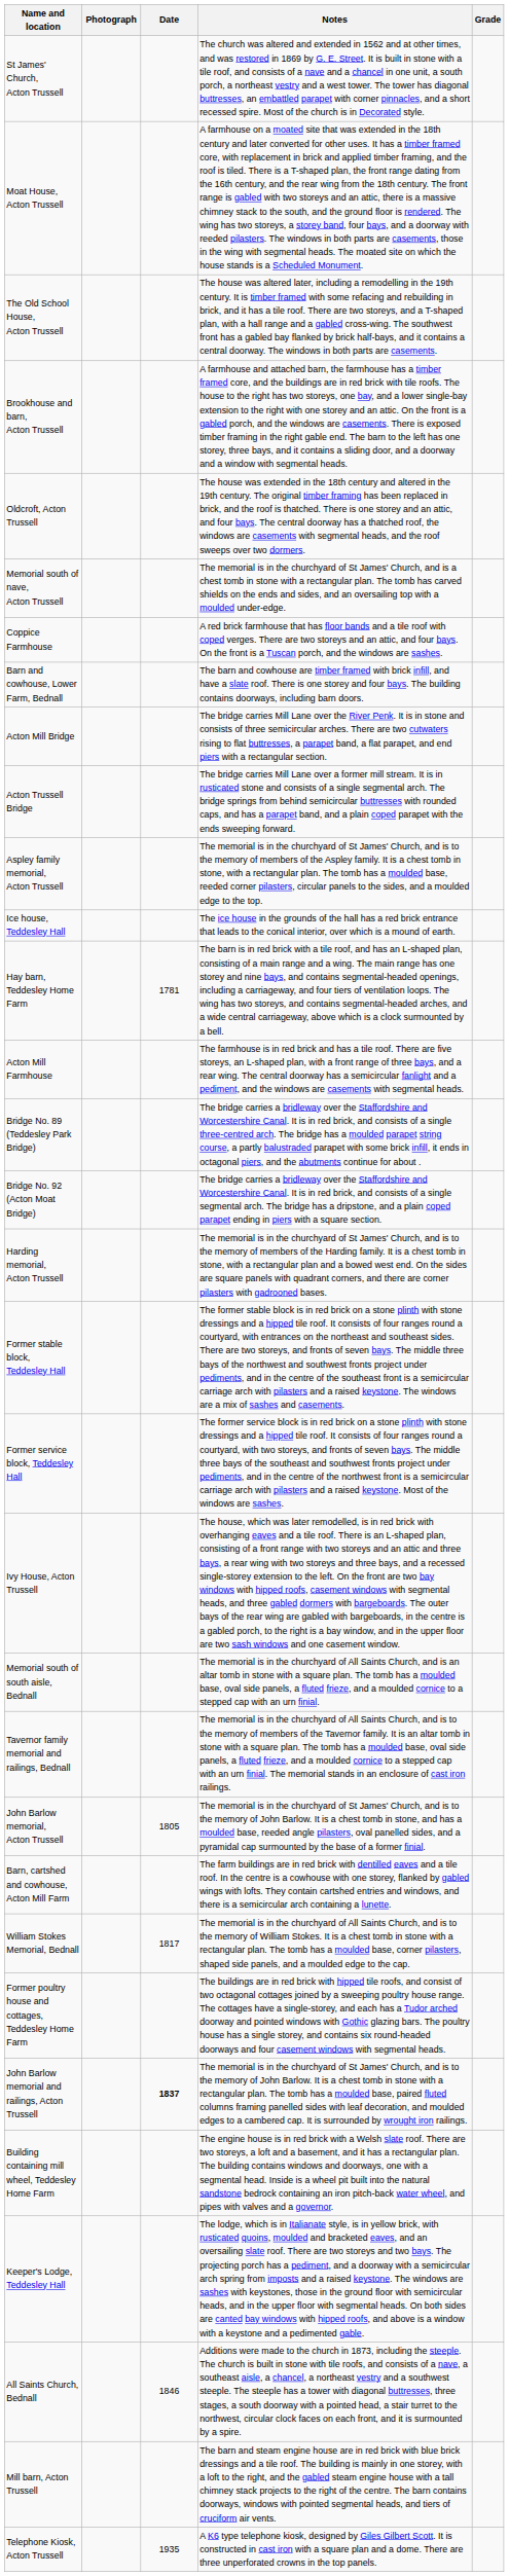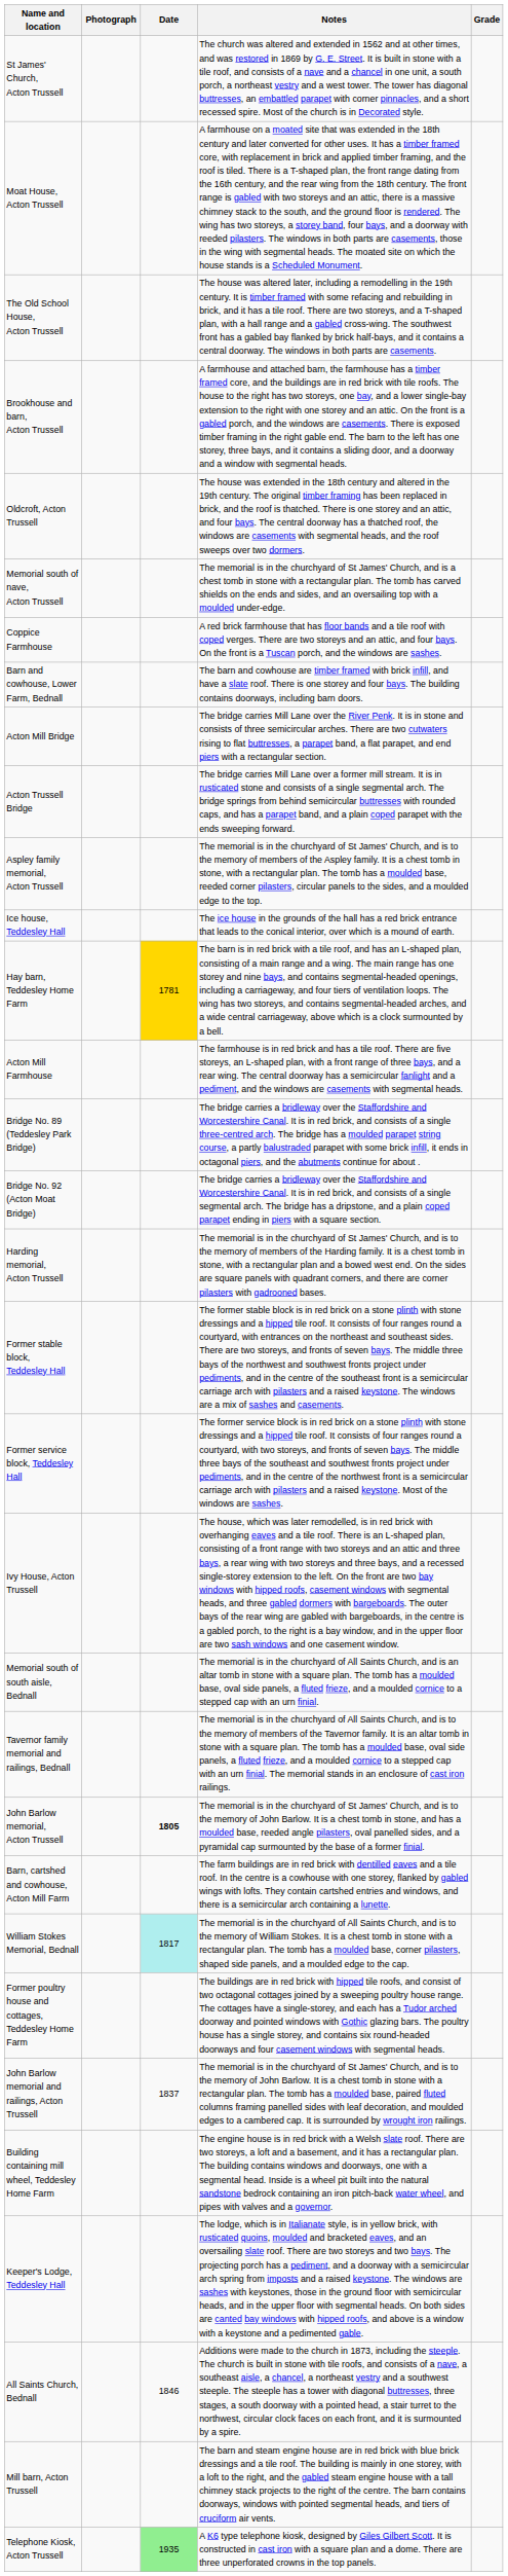 <table class="wikitable sortable plainrowheaders" style="width:100%; border:0; text-align:left; line-height:150%;">
 <tr>
 <th scope="col"  style="width:150px">Name and location</th>
 <th scope="col"  style="width:100px" class="unsortable">Photograph</th>
 <th scope="col"  style="width:120px">Date</th>
 <th scope="col"  style="width:650px" class="unsortable">Notes</th>
 <th scope="col"  style="width:50px">Grade</th>
 </tr>
 <tr>
 <td>St James' Church,<br>Acton Trussell<br><small></small></td>
 <td></td>
 <td align="center"></td>
 <td>The church was altered and extended in 1562 and at other times, and was <a href='#'>restored</a> in 1869 by <a href='#'>G. E. Street</a>. It is built in stone with a tile roof, and consists of a <a href='#'>nave</a> and a <a href='#'>chancel</a> in one unit, a south porch, a northeast <a href='#'>vestry</a> and a west tower. The tower has diagonal <a href='#'>buttresses</a>, an <a href='#'>embattled</a> <a href='#'>parapet</a> with corner <a href='#'>pinnacles</a>, and a short recessed spire. Most of the church is in <a href='#'>Decorated</a> style.</td>
 <td align="center" ></td>
 </tr>
 <tr>
 <td>Moat House, Acton Trussell<br><small></small></td>
 <td></td>
 <td align="center"></td>
 <td>A farmhouse on a <a href='#'>moated</a> site that was extended in the 18th century and later converted for other uses. It has a <a href='#'>timber framed</a> core, with replacement in brick and applied timber framing, and the roof is tiled. There is a T-shaped plan, the front range dating from the 16th century, and the rear wing from the 18th century. The front range is <a href='#'>gabled</a> with two storeys and an attic, there is a massive chimney stack to the south, and the ground floor is <a href='#'>rendered</a>. The wing has two storeys, a <a href='#'>storey band</a>, four <a href='#'>bays</a>, and a doorway with reeded <a href='#'>pilasters</a>. The windows in both parts are <a href='#'>casements</a>, those in the wing with segmental heads. The moated site on which the house stands is a <a href='#'>Scheduled Monument</a>.</td>
 <td align="center" ></td>
 </tr>
 <tr>
 <td>The Old School House,<br>Acton Trussell<br><small></small></td>
 <td></td>
 <td align="center"></td>
 <td>The house was altered later, including a remodelling in the 19th century. It is <a href='#'>timber framed</a> with some refacing and rebuilding in brick, and it has a tile roof. There are two storeys, and a T-shaped plan, with a hall range and a <a href='#'>gabled</a> cross-wing. The southwest front has a gabled bay flanked by brick half-bays, and it contains a central doorway. The windows in both parts are <a href='#'>casements</a>.</td>
 <td align="center" ></td>
 </tr>
 <tr>
 <td>Brookhouse and barn,<br>Acton Trussell<br><small></small></td>
 <td></td>
 <td align="center"></td>
 <td>A farmhouse and attached barn, the farmhouse has a <a href='#'>timber framed</a> core, and the buildings are in red brick with tile roofs. The house to the right has two storeys, one <a href='#'>bay</a>, and a lower single-bay extension to the right with one storey and an attic. On the front is a <a href='#'>gabled</a> porch, and the windows are <a href='#'>casements</a>. There is exposed timber framing in the right gable end. The barn to the left has one storey, three bays, and it contains a sliding door, and a doorway and a window with segmental heads.</td>
 <td align="center" ></td>
 </tr>
 <tr>
 <td>Oldcroft, Acton Trussell<br><small></small></td>
 <td></td>
 <td align="center"></td>
 <td>The house was extended in the 18th century and altered in the 19th century. The original <a href='#'>timber framing</a> has been replaced in brick, and the roof is thatched. There is one storey and an attic, and four <a href='#'>bays</a>. The central doorway has a thatched roof, the windows are <a href='#'>casements</a> with segmental heads, and the roof sweeps over two <a href='#'>dormers</a>.</td>
 <td align="center" ></td>
 </tr>
 <tr>
 <td>Memorial south of nave,<br>Acton Trussell<br><small></small></td>
 <td></td>
 <td align="center"></td>
 <td>The memorial is in the churchyard of St James' Church, and is a chest tomb in stone with a rectangular plan. The tomb has carved shields on the ends and sides, and an oversailing top with a <a href='#'>moulded</a> under-edge.</td>
 <td align="center" ></td>
 </tr>
 <tr>
 <td>Coppice Farmhouse<br><small></small></td>
 <td></td>
 <td align="center"></td>
 <td>A red brick farmhouse that has <a href='#'>floor bands</a> and a tile roof with <a href='#'>coped</a> verges.  There are two storeys and an attic, and four <a href='#'>bays</a>.  On the front is a <a href='#'>Tuscan</a> porch, and the windows are <a href='#'>sashes</a>.</td>
 <td align="center" ></td>
 </tr>
 <tr>
 <td>Barn and cowhouse, Lower Farm, Bednall<br><small></small></td>
 <td></td>
 <td align="center"></td>
 <td>The barn and cowhouse are <a href='#'>timber framed</a> with brick <a href='#'>infill</a>, and have a <a href='#'>slate</a> roof. There is one storey and four <a href='#'>bays</a>. The building contains doorways, including barn doors.</td>
 <td align="center" ></td>
 </tr>
 <tr>
 <td>Acton Mill Bridge<br><small></small></td>
 <td></td>
 <td align="center"></td>
 <td>The bridge carries Mill Lane over the <a href='#'>River Penk</a>. It is in stone and consists of three semicircular arches. There are two <a href='#'>cutwaters</a> rising to flat <a href='#'>buttresses</a>, a <a href='#'>parapet</a> band, a flat parapet, and end <a href='#'>piers</a> with a rectangular section.</td>
 <td align="center" ></td>
 </tr>
 <tr>
 <td>Acton Trussell Bridge<br><small></small></td>
 <td></td>
 <td align="center"></td>
 <td>The bridge carries Mill Lane over a former mill stream. It is in <a href='#'>rusticated</a> stone and consists of a single segmental arch. The bridge springs from behind semicircular <a href='#'>buttresses</a> with rounded caps, and has a <a href='#'>parapet</a> band, and a plain <a href='#'>coped</a> parapet with the ends sweeping forward.</td>
 <td align="center" ></td>
 </tr>
 <tr>
 <td>Aspley family memorial,<br>Acton Trussell<br><small></small></td>
 <td></td>
 <td align="center"></td>
 <td>The memorial is in the churchyard of St James' Church, and is to the memory of members of the Aspley family. It is a chest tomb in stone, with a rectangular plan. The tomb has a <a href='#'>moulded</a> base, reeded corner <a href='#'>pilasters</a>, circular panels to the sides, and a moulded edge to the top.</td>
 <td align="center" ></td>
 </tr>
 <tr>
 <td>Ice house, <a href='#'>Teddesley Hall</a><br><small></small></td>
 <td></td>
 <td align="center"></td>
 <td>The <a href='#'>ice house</a> in the grounds of the hall has a red brick entrance that leads to the conical interior, over which is a mound of earth.</td>
 <td align="center" ></td>
 </tr>
 <tr>
 <td>Hay barn, Teddesley Home Farm<br><small></small></td>
 <td></td>
-<td align="center">1781</td>
+<td align="center" style="background: gold;">1781</td>
 <td>The barn is in red brick with a tile roof, and has an L-shaped plan, consisting of a main range and a wing.  The main range has one storey and nine <a href='#'>bays</a>, and contains segmental-headed openings, including a carriageway, and four tiers of ventilation loops.  The wing has two storeys, and contains segmental-headed arches, and a wide central carriageway, above which is a clock surmounted by a bell.</td>
 <td align="center" ></td>
 </tr>
 <tr>
 <td>Acton Mill Farmhouse<br><small></small></td>
 <td></td>
 <td align="center"></td>
 <td>The farmhouse is in red brick and has a tile roof. There are five storeys, an L-shaped plan, with a front range of three <a href='#'>bays</a>, and a rear wing. The central doorway has a semicircular <a href='#'>fanlight</a> and a <a href='#'>pediment</a>, and the windows are <a href='#'>casements</a> with segmental heads.</td>
 <td align="center" ></td>
 </tr>
 <tr>
 <td>Bridge No. 89<br>(Teddesley Park Bridge)<br><small></small></td>
 <td></td>
 <td align="center"></td>
 <td>The bridge carries a <a href='#'>bridleway</a> over the <a href='#'>Staffordshire and Worcestershire Canal</a>. It is in red brick, and consists of a single <a href='#'>three-centred arch</a>. The bridge has a <a href='#'>moulded</a> <a href='#'>parapet</a> <a href='#'>string course</a>, a partly <a href='#'>balustraded</a> parapet with some brick <a href='#'>infill</a>, it ends in octagonal <a href='#'>piers</a>, and the <a href='#'>abutments</a> continue for about .</td>
 <td align="center" ></td>
 </tr>
 <tr>
 <td>Bridge No. 92<br>(Acton Moat Bridge)<br><small></small></td>
 <td></td>
 <td align="center"></td>
 <td>The bridge carries a <a href='#'>bridleway</a> over the <a href='#'>Staffordshire and Worcestershire Canal</a>. It is in red brick, and consists of a single segmental arch. The bridge has a dripstone, and a plain <a href='#'>coped</a> <a href='#'>parapet</a> ending in <a href='#'>piers</a> with a square section.</td>
 <td align="center" ></td>
 </tr>
 <tr>
 <td>Harding memorial,<br>Acton Trussell<br><small></small></td>
 <td></td>
 <td align="center"></td>
 <td>The memorial is in the churchyard of St James' Church, and is to the memory of members of the Harding family. It is a chest tomb in stone, with a rectangular plan and a bowed west end. On the sides are square panels with quadrant corners, and there are corner <a href='#'>pilasters</a> with <a href='#'>gadrooned</a> bases.</td>
 <td align="center" ></td>
 </tr>
 <tr>
 <td>Former stable block,<br><a href='#'>Teddesley Hall</a><br><small></small></td>
 <td></td>
 <td align="center"></td>
 <td>The former stable block is in red brick on a stone <a href='#'>plinth</a> with stone dressings and a <a href='#'>hipped</a> tile roof.  It consists of four ranges round a courtyard, with entrances on the northeast and southeast sides.  There are two storeys, and fronts of seven <a href='#'>bays</a>.  The middle three bays of the northwest and southwest fronts project under <a href='#'>pediments</a>, and in the centre of the southeast front is a semicircular carriage arch with <a href='#'>pilasters</a> and a raised <a href='#'>keystone</a>. The windows are a mix of <a href='#'>sashes</a> and <a href='#'>casements</a>.</td>
 <td align="center" ></td>
 </tr>
 <tr>
 <td>Former service block, <a href='#'>Teddesley Hall</a><br><small></small></td>
 <td></td>
 <td align="center"></td>
 <td>The former service block is in red brick on a stone <a href='#'>plinth</a> with stone dressings and a <a href='#'>hipped</a> tile roof.  It consists of four ranges round a courtyard, with two storeys, and fronts of seven <a href='#'>bays</a>.  The middle three bays of the southeast and southwest fronts project under <a href='#'>pediments</a>, and in the centre of the northwest front is a semicircular carriage arch with <a href='#'>pilasters</a> and a raised <a href='#'>keystone</a>.  Most of the windows are <a href='#'>sashes</a>.</td>
 <td align="center" ></td>
 </tr>
 <tr>
 <td>Ivy House, Acton Trussell<br><small></small></td>
 <td></td>
 <td align="center"></td>
 <td>The house, which was later remodelled, is in red brick with overhanging <a href='#'>eaves</a> and a tile roof. There is an L-shaped plan, consisting of a front range with two storeys and an attic and three <a href='#'>bays</a>, a rear wing with two storeys and three bays, and a recessed single-storey extension to the left. On the front are two <a href='#'>bay windows</a> with <a href='#'>hipped roofs</a>, <a href='#'>casement windows</a> with segmental heads, and three <a href='#'>gabled</a> <a href='#'>dormers</a> with <a href='#'>bargeboards</a>. The outer bays of the rear wing are gabled with bargeboards, in the centre is a gabled porch, to the right is a bay window, and in the upper floor are two <a href='#'>sash windows</a> and one casement window.</td>
 <td align="center" ></td>
 </tr>
 <tr>
 <td>Memorial south of south aisle, Bednall<br><small></small></td>
 <td></td>
 <td align="center"></td>
 <td>The memorial is in the churchyard of All Saints Church, and is an altar tomb in stone with a square plan. The tomb has a <a href='#'>moulded</a> base, oval side panels, a <a href='#'>fluted</a> <a href='#'>frieze</a>, and a moulded <a href='#'>cornice</a> to a stepped cap with an urn <a href='#'>finial</a>.</td>
 <td align="center" ></td>
 </tr>
 <tr>
 <td>Tavernor family memorial and railings, Bednall<br><small></small></td>
 <td></td>
 <td align="center"></td>
 <td>The memorial is in the churchyard of All Saints Church, and is to the memory of members of the Tavernor family. It is an altar tomb in stone with a square plan. The tomb has a <a href='#'>moulded</a> base, oval side panels, a <a href='#'>fluted</a> <a href='#'>frieze</a>, and a moulded <a href='#'>cornice</a> to a stepped cap with an urn <a href='#'>finial</a>. The memorial stands in an enclosure of <a href='#'>cast iron</a> railings.</td>
 <td align="center" ></td>
 </tr>
 <tr>
 <td>John Barlow memorial,<br>Acton Trussell<br><small></small></td>
 <td></td>
-<td align="center">1805</td>
+<td align="center"><strong>1805</strong></td>
 <td>The memorial is in the churchyard of St James' Church, and is to the memory of John Barlow. It is a chest tomb in stone, and has a <a href='#'>moulded</a> base, reeded angle <a href='#'>pilasters</a>, oval panelled sides, and a pyramidal cap surmounted by the base of a former <a href='#'>finial</a>.</td>
 <td align="center" ></td>
 </tr>
 <tr>
 <td>Barn, cartshed and cowhouse, Acton Mill Farm<br><small></small></td>
 <td></td>
 <td align="center"></td>
 <td>The farm buildings are in red brick with <a href='#'>dentilled</a> <a href='#'>eaves</a> and a tile roof. In the centre is a cowhouse with one storey, flanked by <a href='#'>gabled</a> wings with lofts. They contain cartshed entries and windows, and there is a semicircular arch containing a <a href='#'>lunette</a>.</td>
 <td align="center" ></td>
 </tr>
 <tr>
 <td>William Stokes Memorial, Bednall<br><small></small></td>
 <td></td>
-<td align="center">1817</td>
+<td align="center" style="background: paleturquoise;">1817</td>
 <td>The memorial is in the churchyard of All Saints Church, and is to the memory of William Stokes. It is a chest tomb in stone with a rectangular plan. The tomb has a <a href='#'>moulded</a> base, corner <a href='#'>pilasters</a>, shaped side panels, and a moulded edge to the cap.</td>
 <td align="center" ></td>
 </tr>
 <tr>
 <td>Former poultry house and cottages, Teddesley Home Farm<br><small></small></td>
 <td></td>
 <td align="center"></td>
 <td>The buildings are in red brick with <a href='#'>hipped</a> tile roofs, and consist of two octagonal cottages joined by a sweeping poultry house range.  The cottages have a single-storey, and each has a <a href='#'>Tudor arched</a> doorway and pointed windows with <a href='#'>Gothic</a> glazing bars.  The poultry house has a single storey, and contains six round-headed doorways and four <a href='#'>casement windows</a> with segmental heads.</td>
 <td align="center" ></td>
 </tr>
 <tr>
 <td>John Barlow memorial and railings, Acton Trussell<br><small></small></td>
 <td></td>
-<td align="center"><strong>1837</strong></td>
+<td align="center">1837</td>
 <td>The memorial is in the churchyard of St James' Church, and is to the memory of John Barlow. It is a chest tomb in stone with a rectangular plan. The tomb has a <a href='#'>moulded</a> base, paired <a href='#'>fluted</a> columns framing panelled sides with leaf decoration, and moulded edges to a cambered cap. It is surrounded by <a href='#'>wrought iron</a> railings.</td>
 <td align="center" ></td>
 </tr>
 <tr>
 <td>Building containing mill wheel, Teddesley Home Farm<br><small></small></td>
 <td></td>
 <td align="center"></td>
 <td>The engine house is in red brick with a Welsh <a href='#'>slate</a> roof.  There are two storeys, a loft and a basement, and it has a rectangular plan.  The building contains windows and doorways, one with a segmental head.  Inside is a wheel pit built into the natural <a href='#'>sandstone</a> bedrock containing an iron pitch-back <a href='#'>water wheel</a>, and pipes with valves and a <a href='#'>governor</a>.</td>
 <td align="center" ></td>
 </tr>
 <tr>
 <td>Keeper's Lodge, <a href='#'>Teddesley Hall</a><br><small></small></td>
 <td></td>
 <td align="center"></td>
 <td>The lodge, which is in <a href='#'>Italianate</a> style, is in yellow brick, with <a href='#'>rusticated</a> <a href='#'>quoins</a>, <a href='#'>moulded</a> and bracketed <a href='#'>eaves</a>, and an oversailing <a href='#'>slate</a> roof.  There are two storeys and two <a href='#'>bays</a>.  The projecting porch has a <a href='#'>pediment</a>, and a doorway with a semicircular arch spring from <a href='#'>imposts</a> and a raised <a href='#'>keystone</a>.  The windows are <a href='#'>sashes</a> with keystones, those in the ground floor with semicircular heads, and in the upper floor with segmental heads.  On both sides are <a href='#'>canted</a> <a href='#'>bay windows</a> with <a href='#'>hipped roofs</a>, and above is a window with a keystone and a pedimented <a href='#'>gable</a>.</td>
 <td align="center" ></td>
 </tr>
 <tr>
 <td>All Saints Church, Bednall<br><small></small></td>
 <td></td>
 <td align="center">1846</td>
 <td>Additions were made to the church in 1873, including the <a href='#'>steeple</a>. The church is built in stone with tile roofs, and consists of a <a href='#'>nave</a>, a southeast <a href='#'>aisle</a>, a <a href='#'>chancel</a>, a northeast <a href='#'>vestry</a> and a southwest steeple. The steeple has a tower with diagonal <a href='#'>buttresses</a>, three stages, a south doorway with a pointed head, a stair turret to the northwest, circular clock faces on each front, and it is surmounted by a spire.</td>
 <td align="center" ></td>
 </tr>
 <tr>
 <td>Mill barn, Acton Trussell<br><small></small></td>
 <td></td>
 <td align="center"></td>
 <td>The barn and steam engine house are in red brick with blue brick dressings and a tile roof. The building is mainly in one storey, with a loft to the right, and the <a href='#'>gabled</a> steam engine house with a tall chimney stack projects to the right of the centre. The barn contains doorways, windows with pointed segmental heads, and tiers of <a href='#'>cruciform</a> air vents.</td>
 <td align="center" ></td>
 </tr>
 <tr>
 <td>Telephone Kiosk, Acton Trussell<br><small></small></td>
 <td></td>
-<td align="center">1935</td>
+<td align="center" style="background: lightgreen;">1935</td>
 <td>A <a href='#'>K6</a> type telephone kiosk, designed by <a href='#'>Giles Gilbert Scott</a>. It is constructed in <a href='#'>cast iron</a> with a square plan and a dome. There are three unperforated crowns in the top panels.</td>
 <td align="center" ></td>
 </tr>
 <tr>
 </tr>
 </table>
